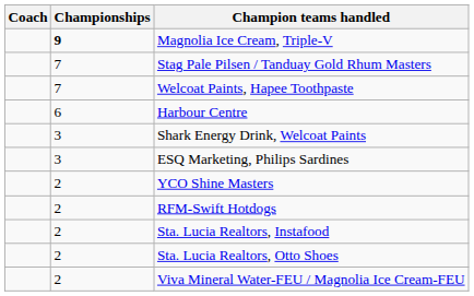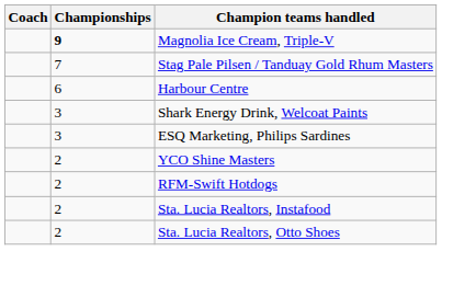 <table class="wikitable sortable" style="font-size: 95%">
 <tr bgcolor="#efefef">
 <th>Coach</th>
 <th>Championships</th>
 <th>Champion teams handled</th>
 </tr>
 <tr>
 <td align=left style="background:"></td>
 <td><strong>9</strong></td>
 <td><a href='#'>Magnolia Ice Cream</a>, <a href='#'>Triple-V</a></td>
 </tr>
 <tr>
 <td align=left style="background:"></td>
 <td>7</td>
 <td><a href='#'>Stag Pale Pilsen / Tanduay Gold Rhum Masters</a></td>
-</tr>
-<tr>
-<td align=left style="background:"></td>
-<td>7</td>
-<td><a href='#'>Welcoat Paints</a>, <a href='#'>Hapee Toothpaste</a></td>
 </tr>
 <tr>
 <td align=left style="background:"></td>
 <td>6</td>
 <td><a href='#'>Harbour Centre</a></td>
 </tr>
 <tr>
 <td align=left style="background:"></td>
 <td>3</td>
 <td>Shark Energy Drink, <a href='#'>Welcoat Paints</a></td>
 </tr>
 <tr>
 <td align=left style="background:"></td>
 <td>3</td>
 <td>ESQ Marketing, Philips Sardines</td>
 </tr>
 <tr>
 <td align=left style="background:"></td>
 <td>2</td>
 <td><a href='#'>YCO Shine Masters</a></td>
 </tr>
 <tr>
 <td align=left style="background:"></td>
 <td>2</td>
 <td><a href='#'>RFM-Swift Hotdogs</a></td>
 </tr>
 <tr>
 <td align=left style="background:"></td>
 <td>2</td>
 <td><a href='#'>Sta. Lucia Realtors</a>, <a href='#'>Instafood</a></td>
 </tr>
 <tr>
 <td align=left style="background:"></td>
 <td>2</td>
 <td><a href='#'>Sta. Lucia Realtors</a>, <a href='#'>Otto Shoes</a></td>
 </tr>
-<tr>
-<td align=left style="background:"></td>
-<td>2</td>
-<td><a href='#'>Viva Mineral Water-FEU / Magnolia Ice Cream-FEU</a></td>
-</tr>
 </table>
